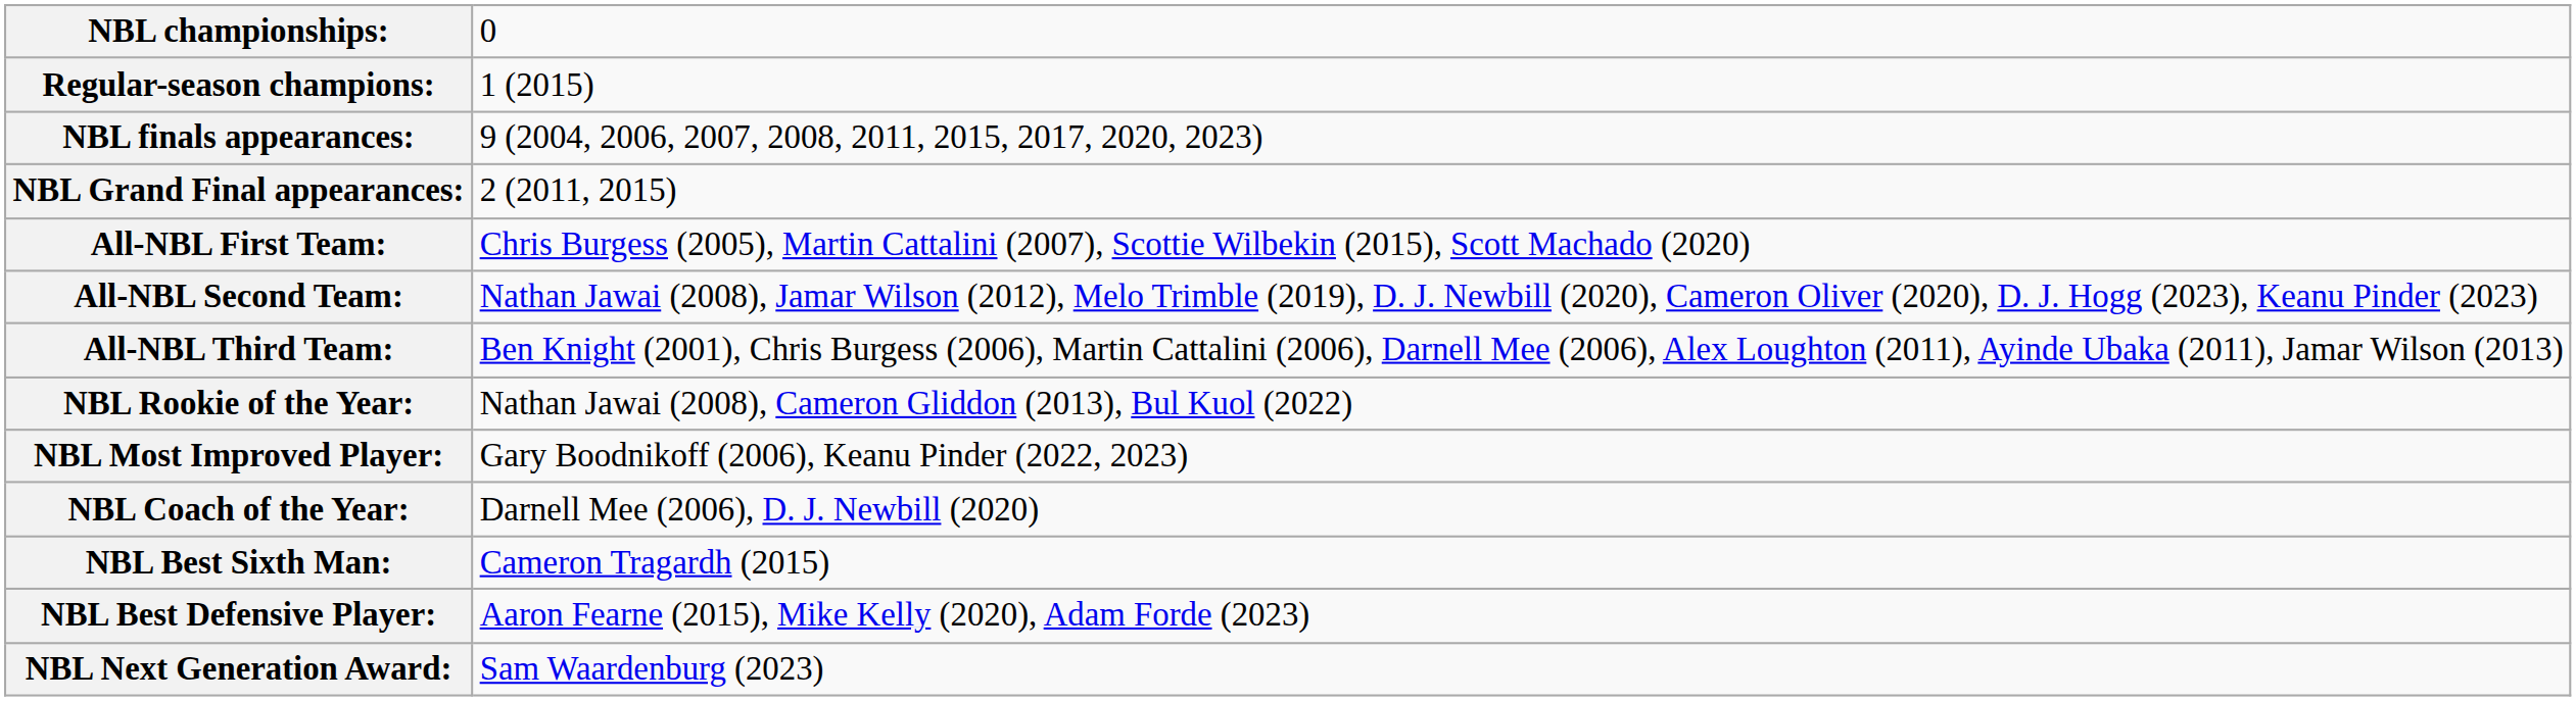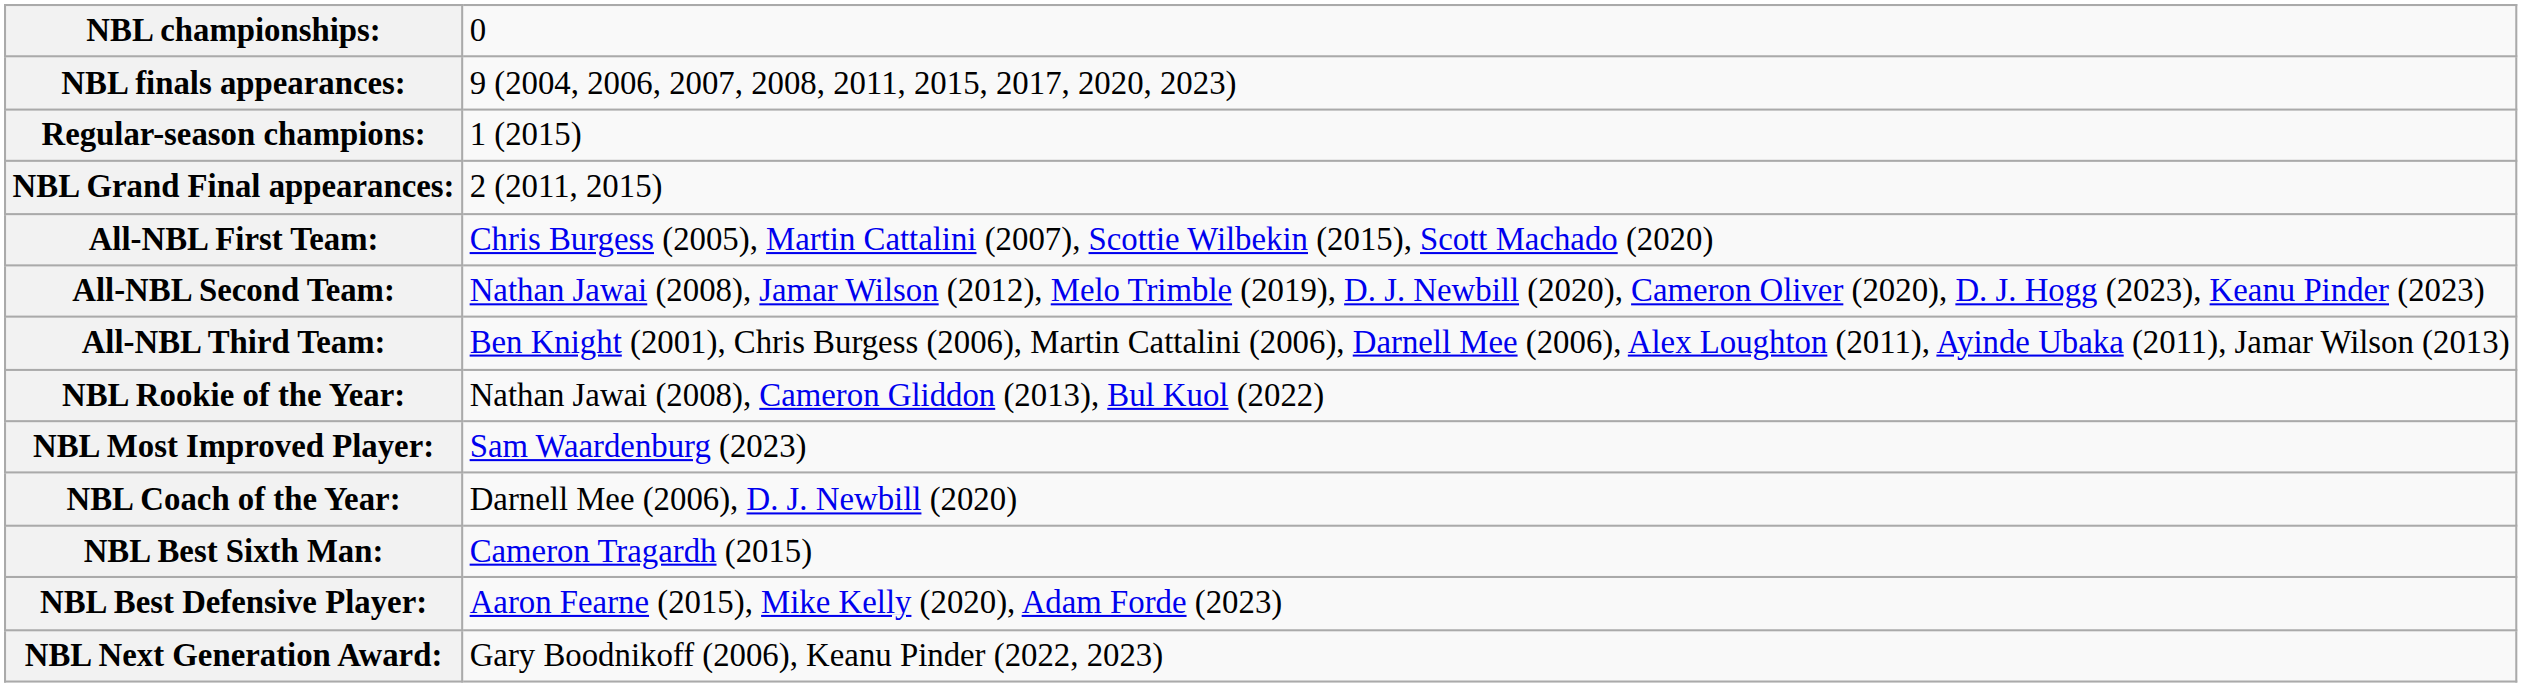 <table class="wikitable">
 <tr align=left>
 <th>NBL championships:</th>
 <td>0</td>
 </tr>
 <tr>
+<th>NBL finals appearances:</th>
+<td>9 (2004, 2006, 2007, 2008, 2011, 2015, 2017, 2020, 2023)</td>
+</tr>
+<tr>
 <th>Regular-season champions:</th>
 <td>1 (2015)</td>
-</tr>
-<tr>
-<th>NBL finals appearances:</th>
-<td>9 (2004, 2006, 2007, 2008, 2011, 2015, 2017, 2020, 2023)</td>
 </tr>
 <tr>
 <th>NBL Grand Final appearances:</th>
 <td>2 (2011, 2015)</td>
 </tr>
 <tr>
 <th>All-NBL First Team:</th>
 <td><a href='#'>Chris Burgess</a> (2005), <a href='#'>Martin Cattalini</a> (2007), <a href='#'>Scottie Wilbekin</a> (2015), <a href='#'>Scott Machado</a> (2020)</td>
 </tr>
 <tr>
 <th>All-NBL Second Team:</th>
 <td><a href='#'>Nathan Jawai</a> (2008), <a href='#'>Jamar Wilson</a> (2012), <a href='#'>Melo Trimble</a> (2019), <a href='#'>D. J. Newbill</a> (2020), <a href='#'>Cameron Oliver</a> (2020), <a href='#'>D. J. Hogg</a> (2023), <a href='#'>Keanu Pinder</a> (2023)</td>
 </tr>
 <tr>
 <th>All-NBL Third Team:</th>
 <td><a href='#'>Ben Knight</a> (2001), Chris Burgess (2006), Martin Cattalini (2006), <a href='#'>Darnell Mee</a> (2006), <a href='#'>Alex Loughton</a> (2011), <a href='#'>Ayinde Ubaka</a> (2011), Jamar Wilson (2013)</td>
 </tr>
 <tr>
 <th>NBL Rookie of the Year:</th>
 <td>Nathan Jawai (2008), <a href='#'>Cameron Gliddon</a> (2013), <a href='#'>Bul Kuol</a> (2022)</td>
 </tr>
 <tr>
 <th>NBL Most Improved Player:</th>
-<td>Gary Boodnikoff (2006), Keanu Pinder (2022, 2023)</td>
+<td><a href='#'>Sam Waardenburg</a> (2023)</td>
 </tr>
 <tr>
 <th>NBL Coach of the Year:</th>
 <td>Darnell Mee (2006), <a href='#'>D. J. Newbill</a> (2020)</td>
 </tr>
 <tr>
 <th>NBL Best Sixth Man:</th>
 <td><a href='#'>Cameron Tragardh</a> (2015)</td>
 </tr>
 <tr>
 <th>NBL Best Defensive Player:</th>
 <td><a href='#'>Aaron Fearne</a> (2015), <a href='#'>Mike Kelly</a> (2020), <a href='#'>Adam Forde</a> (2023)</td>
 </tr>
 <tr>
 <th>NBL Next Generation Award:</th>
-<td><a href='#'>Sam Waardenburg</a> (2023)</td>
+<td>Gary Boodnikoff (2006), Keanu Pinder (2022, 2023)</td>
 </tr>
 </table>
